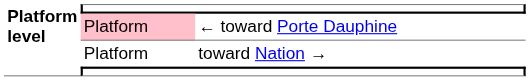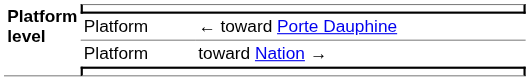 <table border=0 cellspacing=0 cellpadding=3>
 <tr>
 <td style="border-bottom:solid 1px gray;" width=50 rowspan=10 valign=top><strong>Platform level</strong></td>
 <td style="border-top:solid 1px gray;border-right:solid 2px black;border-left:solid 2px black;border-bottom:solid 2px black;text-align:center;" colspan=2></td>
 </tr>
 <tr>
-<td style="background: pink; border-bottom:solid 1px gray;" width=100>Platform </td>
+<td style="border-bottom:solid 1px gray;" width=100>Platform </td>
 <td style="border-bottom:solid 1px gray;" width=300>←   toward <a href='#'>Porte Dauphine</a> </td>
 </tr>
 <tr>
 <td>Platform </td>
 <td>   toward <a href='#'>Nation</a>  →</td>
 </tr>
 <tr>
 <td style="border-top:solid 2px black;border-right:solid 2px black;border-left:solid 2px black;border-bottom:solid 1px gray;text-align:center;" colspan=2></td>
 </tr>
 </table>
